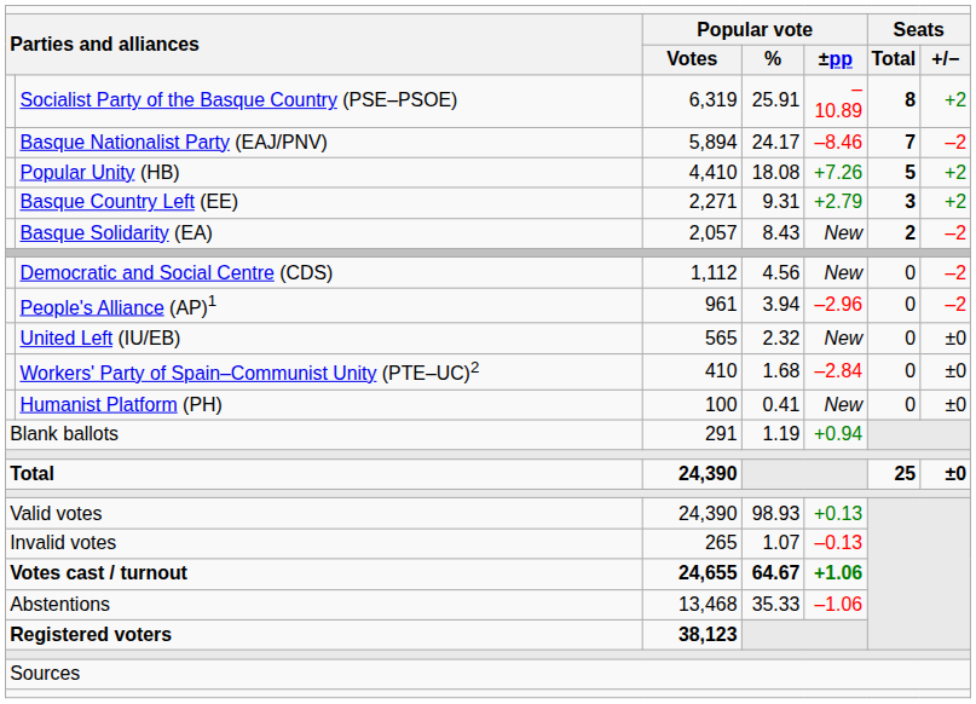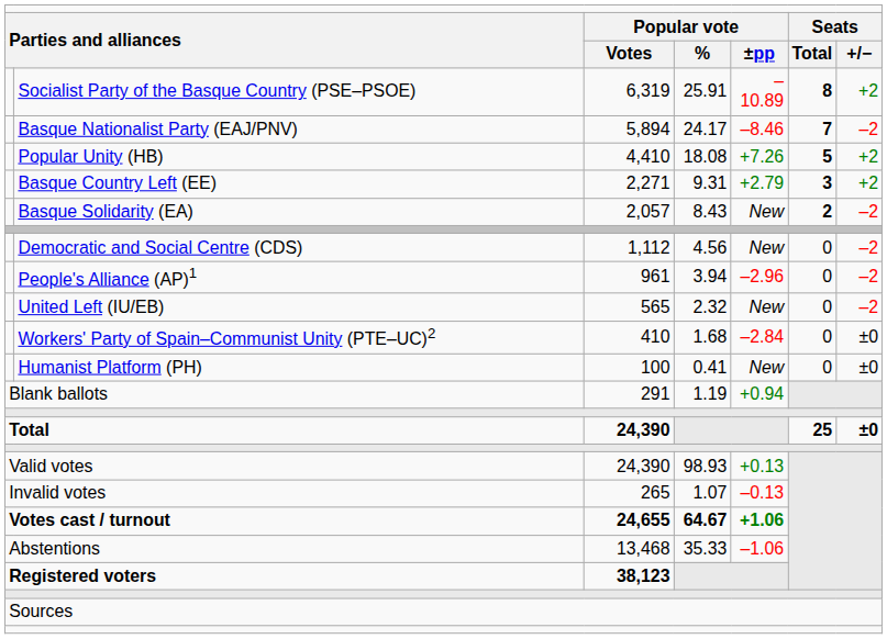 <table class="wikitable" style="text-align:right;">
 <tr>
 <td colspan="7"></td>
 </tr>
 <tr>
 <th style="text-align:left;" rowspan="2" colspan="2" width="525">Parties and alliances</th>
 <th colspan="3">Popular vote</th>
 <th colspan="2">Seats</th>
 </tr>
 <tr>
 <th width="75">Votes</th>
 <th width="45">%</th>
 <th width="45">±<a href='#'>pp</a></th>
 <th width="35">Total</th>
 <th width="35">+/−</th>
 </tr>
 <tr>
 <td width="1" style="color:inherit;background:"></td>
 <td align="left"><a href='#'>Socialist Party of the Basque Country</a> (PSE–PSOE)</td>
 <td>6,319</td>
 <td>25.91</td>
 <td style="color:red;">–10.89</td>
 <td><strong>8</strong></td>
 <td style="color:green;">+2</td>
 </tr>
 <tr>
 <td style="color:inherit;background:"></td>
 <td align="left"><a href='#'>Basque Nationalist Party</a> (EAJ/PNV)</td>
 <td>5,894</td>
 <td>24.17</td>
 <td style="color:red;">–8.46</td>
 <td><strong>7</strong></td>
 <td style="color:red;">–2</td>
 </tr>
 <tr>
 <td style="color:inherit;background:"></td>
 <td align="left"><a href='#'>Popular Unity</a> (HB)</td>
 <td>4,410</td>
 <td>18.08</td>
 <td style="color:green;">+7.26</td>
 <td><strong>5</strong></td>
 <td style="color:green;">+2</td>
 </tr>
 <tr>
 <td style="color:inherit;background:"></td>
 <td align="left"><a href='#'>Basque Country Left</a> (EE)</td>
 <td>2,271</td>
 <td>9.31</td>
 <td style="color:green;">+2.79</td>
 <td><strong>3</strong></td>
 <td style="color:green;">+2</td>
 </tr>
 <tr>
 <td style="color:inherit;background:"></td>
 <td align="left"><a href='#'>Basque Solidarity</a> (EA)</td>
 <td>2,057</td>
 <td>8.43</td>
 <td><em>New</em></td>
 <td><strong>2</strong></td>
 <td style="color:red;">–2</td>
 </tr>
 <tr>
 <td colspan="7" bgcolor="#C0C0C0"></td>
 </tr>
 <tr>
 <td style="color:inherit;background:"></td>
 <td align="left"><a href='#'>Democratic and Social Centre</a> (CDS)</td>
 <td>1,112</td>
 <td>4.56</td>
 <td><em>New</em></td>
 <td>0</td>
 <td style="color:red;">–2</td>
 </tr>
 <tr>
 <td style="color:inherit;background:"></td>
 <td align="left"><a href='#'>People's Alliance</a> (AP)<sup>1</sup></td>
 <td>961</td>
 <td>3.94</td>
 <td style="color:red;">–2.96</td>
 <td>0</td>
 <td style="color:red;">–2</td>
 </tr>
 <tr>
 <td style="color:inherit;background:"></td>
 <td align="left"><a href='#'>United Left</a> (IU/EB)</td>
 <td>565</td>
 <td>2.32</td>
 <td><em>New</em></td>
 <td>0</td>
-<td>±0</td>
+<td style="color:red;">–2</td>
 </tr>
 <tr>
 <td style="color:inherit;background:"></td>
 <td align="left"><a href='#'>Workers' Party of Spain–Communist Unity</a> (PTE–UC)<sup>2</sup></td>
 <td>410</td>
 <td>1.68</td>
 <td style="color:red;">–2.84</td>
 <td>0</td>
 <td>±0</td>
 </tr>
 <tr>
 <td style="color:inherit;background:"></td>
 <td align="left"><a href='#'>Humanist Platform</a> (PH)</td>
 <td>100</td>
 <td>0.41</td>
 <td><em>New</em></td>
 <td>0</td>
 <td>±0</td>
 </tr>
 <tr>
 <td align="left" colspan="2">Blank ballots</td>
 <td>291</td>
 <td>1.19</td>
 <td style="color:green;">+0.94</td>
 <td bgcolor="#E9E9E9" colspan="2"></td>
 </tr>
 <tr>
 <td colspan="7" bgcolor="#E9E9E9"></td>
 </tr>
 <tr style="font-weight:bold;">
 <td align="left" colspan="2">Total</td>
 <td>24,390</td>
 <td bgcolor="#E9E9E9" colspan="2"></td>
 <td>25</td>
 <td>±0</td>
 </tr>
 <tr>
 <td colspan="7" bgcolor="#E9E9E9"></td>
 </tr>
 <tr>
 <td align="left" colspan="2">Valid votes</td>
 <td>24,390</td>
 <td>98.93</td>
 <td style="color:green;">+0.13</td>
 <td bgcolor="#E9E9E9" colspan="2" rowspan="5"></td>
 </tr>
 <tr>
 <td align="left" colspan="2">Invalid votes</td>
 <td>265</td>
 <td>1.07</td>
 <td style="color:red;">–0.13</td>
 </tr>
 <tr style="font-weight:bold;">
 <td align="left" colspan="2">Votes cast / turnout</td>
 <td>24,655</td>
 <td>64.67</td>
 <td style="color:green;">+1.06</td>
 </tr>
 <tr>
 <td align="left" colspan="2">Abstentions</td>
 <td>13,468</td>
 <td>35.33</td>
 <td style="color:red;">–1.06</td>
 </tr>
 <tr style="font-weight:bold;">
 <td align="left" colspan="2">Registered voters</td>
 <td>38,123</td>
 <td bgcolor="#E9E9E9" colspan="2"></td>
 </tr>
 <tr>
 <td colspan="7" bgcolor="#E9E9E9"></td>
 </tr>
 <tr>
 <td align="left" colspan="7">Sources</td>
 </tr>
 <tr>
 <td colspan="7" style="text-align:left; max-width:790px;"></td>
 </tr>
 </table>
